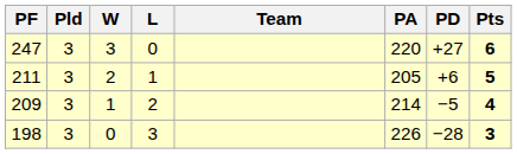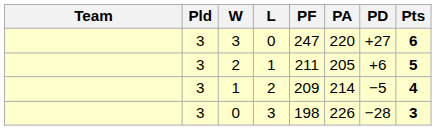 <table class=wikitable style="text-align:center">
 <tr>
-<th width=30>PF</th>
+<th width=180>Team</th>
 <th width=30>Pld</th>
 <th width=30>W</th>
 <th width=30>L</th>
-<th width=180>Team</th>
+<th width=30>PF</th>
 <th width=30>PA</th>
 <th width=30>PD</th>
 <th width=30>Pts</th>
 </tr>
 <tr align=center bgcolor="#ffffcc">
-<td>247</td>
+<td align=left></td>
 <td>3</td>
 <td>3</td>
 <td>0</td>
-<td align=left></td>
+<td>247</td>
 <td>220</td>
 <td>+27</td>
 <td><strong>6</strong></td>
 </tr>
 <tr align=center bgcolor="#ffffcc">
-<td>211</td>
+<td align=left></td>
 <td>3</td>
 <td>2</td>
 <td>1</td>
-<td align=left></td>
+<td>211</td>
 <td>205</td>
 <td>+6</td>
 <td><strong>5</strong></td>
 </tr>
 <tr align=center bgcolor="#ffffcc">
-<td>209</td>
+<td align=left></td>
 <td>3</td>
 <td>1</td>
 <td>2</td>
-<td align=left></td>
+<td>209</td>
 <td>214</td>
 <td>−5</td>
 <td><strong>4</strong></td>
 </tr>
 <tr align=center bgcolor="#ffffcc">
-<td>198</td>
+<td align=left></td>
 <td>3</td>
 <td>0</td>
 <td>3</td>
-<td align=left></td>
+<td>198</td>
 <td>226</td>
 <td>−28</td>
 <td><strong>3</strong></td>
 </tr>
 </table>
